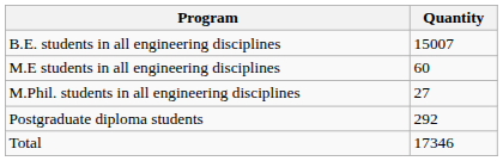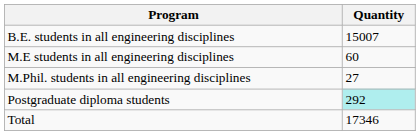 <table class="wikitable">
 <tr>
 <th width="400">Program</th>
 <th width="80">Quantity</th>
 </tr>
 <tr>
 <td>B.E. students in all engineering disciplines</td>
 <td>15007</td>
 </tr>
 <tr>
 <td>M.E students  in all engineering disciplines</td>
 <td>60</td>
 </tr>
 <tr>
 <td>M.Phil. students in all engineering disciplines</td>
 <td>27</td>
 </tr>
 <tr>
 <td>Postgraduate diploma students</td>
-<td>292</td>
+<td style="background: paleturquoise;">292</td>
 </tr>
 <tr>
 <td>Total</td>
 <td>17346</td>
 </tr>
 </table>
